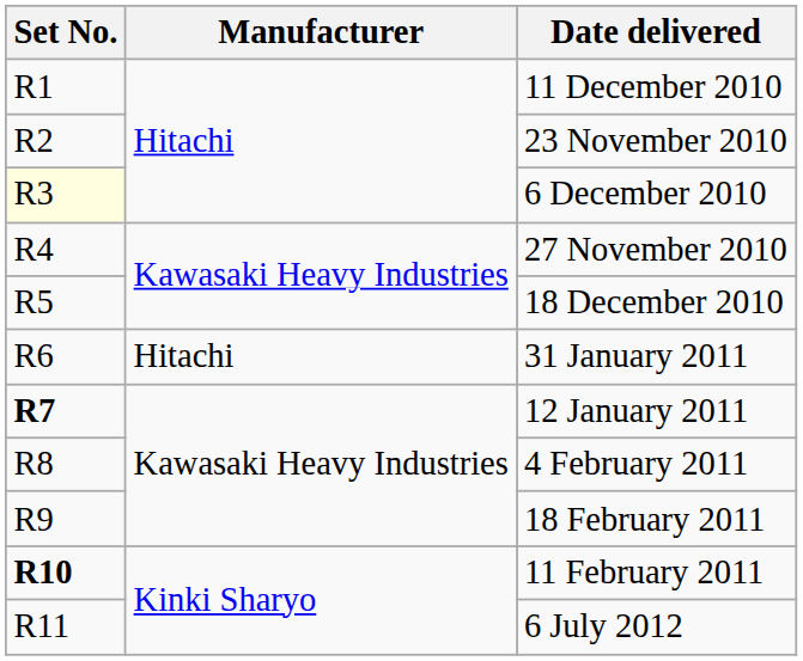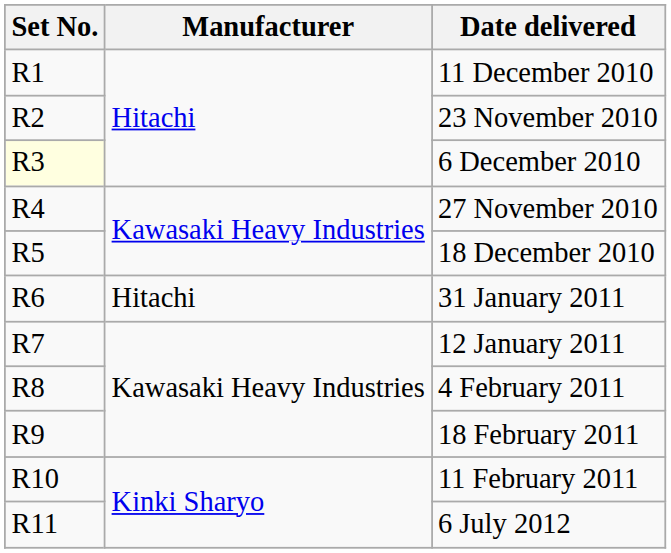 <table class="wikitable">
 <tr>
 <th>Set No.</th>
 <th>Manufacturer</th>
 <th>Date delivered</th>
 </tr>
 <tr>
 <td>R1</td>
 <td rowspan="3"><a href='#'>Hitachi</a></td>
 <td>11 December 2010</td>
 </tr>
 <tr>
 <td>R2</td>
 <td>23 November 2010</td>
 </tr>
 <tr>
 <td style="background: lightyellow;">R3</td>
 <td>6 December 2010</td>
 </tr>
 <tr>
 <td>R4</td>
 <td rowspan="2"><a href='#'>Kawasaki Heavy Industries</a></td>
 <td>27 November 2010</td>
 </tr>
 <tr>
 <td>R5</td>
 <td>18 December 2010</td>
 </tr>
 <tr>
 <td>R6</td>
 <td>Hitachi</td>
 <td>31 January 2011</td>
 </tr>
 <tr>
-<td><strong>R7</strong></td>
+<td>R7</td>
 <td rowspan="3">Kawasaki Heavy Industries</td>
 <td>12 January 2011</td>
 </tr>
 <tr>
 <td>R8</td>
 <td>4 February 2011</td>
 </tr>
 <tr>
 <td>R9</td>
 <td>18 February 2011</td>
 </tr>
 <tr>
-<td><strong>R10</strong></td>
+<td>R10</td>
 <td rowspan="2"><a href='#'>Kinki Sharyo</a></td>
 <td>11 February 2011</td>
 </tr>
 <tr>
 <td>R11</td>
 <td>6 July 2012</td>
 </tr>
 </table>
